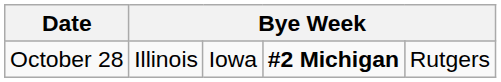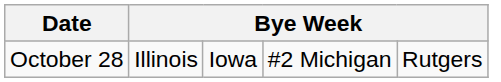 <table class="wikitable" style="font-size:95%;">
 <tr>
 <th>Date</th>
 <th colspan="4">Bye Week</th>
 </tr>
 <tr>
 <td>October 28</td>
 <td>Illinois</td>
 <td>Iowa</td>
-<td><strong>#2 Michigan</strong></td>
+<td>#2 Michigan</td>
 <td>Rutgers</td>
 </tr>
 </table>
